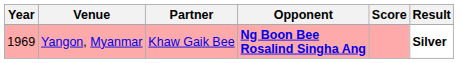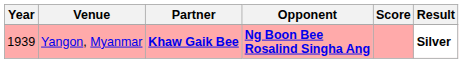 <table class="sortable wikitable" style="font-size: 90%;">
 <tr>
 <th>Year</th>
 <th>Venue</th>
 <th>Partner</th>
 <th>Opponent</th>
 <th>Score</th>
 <th>Result</th>
 </tr>
 <tr>
 </tr>
 <tr style="background:#FFAAAA">
-<td align="center">1969</td>
+<td align="center">1939</td>
 <td align="left"><a href='#'>Yangon</a>, <a href='#'>Myanmar</a></td>
-<td align="left"> <a href='#'>Khaw Gaik Bee</a></td>
+<td align="left"><strong> <a href='#'>Khaw Gaik Bee</a></strong></td>
 <td align="left"><strong> <a href='#'>Ng Boon Bee</a><br> <a href='#'>Rosalind Singha Ang</a></strong></td>
 <td align="left"></td>
 <td style="text-align:left; background:white"> <strong>Silver</strong></td>
 </tr>
 </table>
